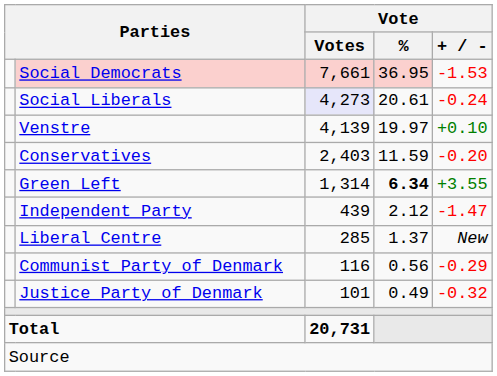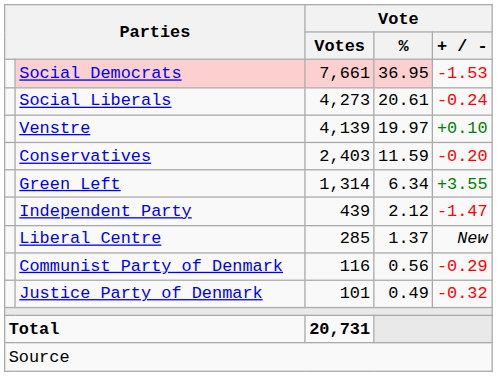 <table class="wikitable" style="text-align:right;">
 <tr>
 <th style="text-align:centre;" rowspan="2" colspan="2" width="225">Parties</th>
 <th colspan="3">Vote</th>
 </tr>
 <tr>
 <th width="15">Votes</th>
 <th width="15">%</th>
 <th width="15">+ / -</th>
 </tr>
 <tr>
 <td width="2" style="color:inherit;background:"></td>
 <td bgcolor=#fbd0ce  align="left"><a href='#'>Social Democrats</a></td>
 <td bgcolor=#fbd0ce>7,661</td>
 <td bgcolor=#fbd0ce>36.95</td>
 <td style=color:red;>-1.53</td>
 </tr>
 <tr>
 <td width="2" style="color:inherit;background:"></td>
 <td align="left"><a href='#'>Social Liberals</a></td>
-<td style="background: lavender;">4,273</td>
+<td>4,273</td>
 <td>20.61</td>
 <td style=color:red;>-0.24</td>
 </tr>
 <tr>
 <td width="2" style="color:inherit;background:"></td>
 <td align="left"><a href='#'>Venstre</a></td>
 <td>4,139</td>
 <td>19.97</td>
 <td style=color:green;>+0.10</td>
 </tr>
 <tr>
 <td width="2" style="color:inherit;background:"></td>
 <td align="left"><a href='#'>Conservatives</a></td>
 <td>2,403</td>
 <td>11.59</td>
 <td style=color:red;>-0.20</td>
 </tr>
 <tr>
 <td width="2" style="color:inherit;background:"></td>
 <td align="left"><a href='#'>Green Left</a></td>
 <td>1,314</td>
-<td><strong>6.34</strong></td>
+<td>6.34</td>
 <td style=color:green;>+3.55</td>
 </tr>
 <tr>
 <td width="2" style="color:inherit;background:"></td>
 <td align="left"><a href='#'>Independent Party</a></td>
 <td>439</td>
 <td>2.12</td>
 <td style=color:red;>-1.47</td>
 </tr>
 <tr>
 <td width="2" style="color:inherit;background:"></td>
 <td align="left"><a href='#'>Liberal Centre</a></td>
 <td>285</td>
 <td>1.37</td>
 <td><em>New</em></td>
 </tr>
 <tr>
 <td width="2" style="color:inherit;background:"></td>
 <td align="left"><a href='#'>Communist Party of Denmark</a></td>
 <td>116</td>
 <td>0.56</td>
 <td style=color:red;>-0.29</td>
 </tr>
 <tr>
 <td width="2" style="color:inherit;background:"></td>
 <td align="left"><a href='#'>Justice Party of Denmark</a></td>
 <td>101</td>
 <td>0.49</td>
 <td style=color:red;>-0.32</td>
 </tr>
 <tr>
 <td colspan="7" bgcolor="#E9E9E9"></td>
 </tr>
 <tr>
 <td align="left" colspan="2"><strong>Total</strong></td>
 <td><strong>20,731</strong></td>
 <td bgcolor="#E9E9E9" colspan="2"></td>
 </tr>
 <tr>
 <td align="left" colspan="6">Source</td>
 </tr>
 </table>
